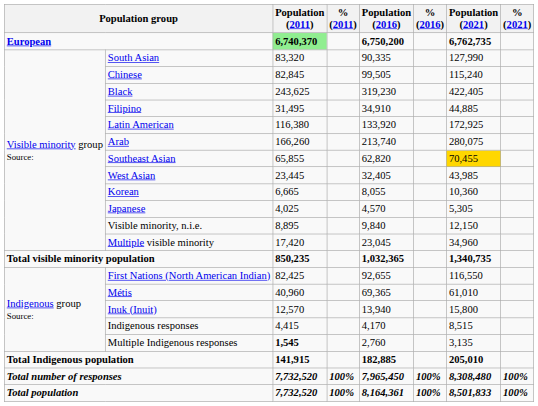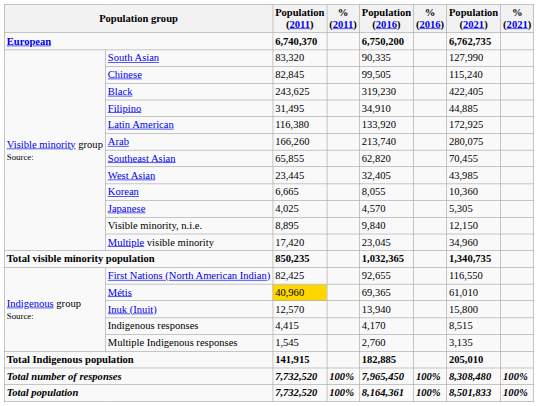 <table class="wikitable">
 <tr>
 <th colspan="2">Population group</th>
 <th>Population<br>(<a href='#'>2011</a>)</th>
 <th>%<br>(<a href='#'>2011</a>)</th>
 <th>Population<br>(<a href='#'>2016</a>)</th>
 <th>%<br>(<a href='#'>2016</a>)</th>
 <th>Population<br>(<a href='#'>2021</a>)</th>
 <th>%<br>(<a href='#'>2021</a>)</th>
 </tr>
 <tr>
 <td colspan="2"><strong><a href='#'>European</a></strong></td>
-<td style="background: lightgreen;"><strong>6,740,370</strong></td>
+<td><strong>6,740,370</strong></td>
 <td><strong></strong></td>
 <td><strong>6,750,200</strong></td>
 <td><strong> </strong></td>
 <td><strong>6,762,735</strong></td>
 <td><strong> </strong></td>
 </tr>
 <tr>
 <td rowspan="12"><a href='#'>Visible minority</a> group<br><small>Source:</small></td>
 <td><a href='#'>South Asian</a></td>
 <td>83,320</td>
 <td></td>
 <td>90,335</td>
 <td></td>
 <td>127,990</td>
 <td></td>
 </tr>
 <tr>
 <td><a href='#'>Chinese</a></td>
 <td>82,845</td>
 <td></td>
 <td>99,505</td>
 <td></td>
 <td>115,240</td>
 <td></td>
 </tr>
 <tr>
 <td><a href='#'>Black</a></td>
 <td>243,625</td>
 <td></td>
 <td>319,230</td>
 <td></td>
 <td>422,405</td>
 <td></td>
 </tr>
 <tr>
 <td><a href='#'>Filipino</a></td>
 <td>31,495</td>
 <td></td>
 <td>34,910</td>
 <td></td>
 <td>44,885</td>
 <td></td>
 </tr>
 <tr>
 <td><a href='#'>Latin American</a></td>
 <td>116,380</td>
 <td></td>
 <td>133,920</td>
 <td></td>
 <td>172,925</td>
 <td></td>
 </tr>
 <tr>
 <td><a href='#'>Arab</a></td>
 <td>166,260</td>
 <td></td>
 <td>213,740</td>
 <td></td>
 <td>280,075</td>
 <td></td>
 </tr>
 <tr>
 <td><a href='#'>Southeast Asian</a></td>
 <td>65,855</td>
 <td></td>
 <td>62,820</td>
 <td></td>
-<td style="background: gold;">70,455</td>
+<td>70,455</td>
 <td></td>
 </tr>
 <tr>
 <td><a href='#'>West Asian</a></td>
 <td>23,445</td>
 <td></td>
 <td>32,405</td>
 <td></td>
 <td>43,985</td>
 <td></td>
 </tr>
 <tr>
 <td><a href='#'>Korean</a></td>
 <td>6,665</td>
 <td></td>
 <td>8,055</td>
 <td></td>
 <td>10,360</td>
 <td></td>
 </tr>
 <tr>
 <td><a href='#'>Japanese</a></td>
 <td>4,025</td>
 <td></td>
 <td>4,570</td>
 <td></td>
 <td>5,305</td>
 <td></td>
 </tr>
 <tr>
 <td>Visible minority, n.i.e.</td>
 <td>8,895</td>
 <td></td>
 <td>9,840</td>
 <td></td>
 <td>12,150</td>
 <td></td>
 </tr>
 <tr>
 <td><a href='#'>Multiple</a> visible minority</td>
 <td>17,420</td>
 <td></td>
 <td>23,045</td>
 <td></td>
 <td>34,960</td>
 <td></td>
 </tr>
 <tr>
 <td colspan="2"><strong>Total visible minority population</strong></td>
 <td><strong>850,235</strong></td>
 <td><strong></strong></td>
 <td><strong>1,032,365</strong></td>
 <td><strong></strong></td>
 <td><strong>1,340,735</strong></td>
 <td><strong></strong></td>
 </tr>
 <tr>
 <td rowspan="5"><a href='#'>Indigenous</a> group<br><small>Source:</small></td>
 <td><a href='#'>First Nations (North American Indian)</a></td>
 <td>82,425</td>
 <td></td>
 <td>92,655</td>
 <td></td>
 <td>116,550</td>
 <td></td>
 </tr>
 <tr>
 <td><a href='#'>Métis</a></td>
-<td>40,960</td>
+<td style="background: gold;">40,960</td>
 <td></td>
 <td>69,365</td>
 <td></td>
 <td>61,010</td>
 <td></td>
 </tr>
 <tr>
 <td><a href='#'>Inuk (Inuit)</a></td>
 <td>12,570</td>
 <td></td>
 <td>13,940</td>
 <td></td>
 <td>15,800</td>
 <td></td>
 </tr>
 <tr>
 <td>Indigenous responses </td>
 <td>4,415</td>
 <td></td>
 <td>4,170</td>
 <td></td>
 <td>8,515</td>
 <td></td>
 </tr>
 <tr>
 <td>Multiple Indigenous responses</td>
-<td><strong>1,545</strong></td>
+<td>1,545</td>
 <td></td>
 <td>2,760</td>
 <td></td>
 <td>3,135</td>
 <td></td>
 </tr>
 <tr>
 <td colspan="2"><strong>Total Indigenous population</strong></td>
 <td><strong>141,915</strong></td>
 <td><strong></strong></td>
 <td><strong>182,885</strong></td>
 <td><strong></strong></td>
 <td><strong>205,010</strong></td>
 <td><strong></strong></td>
 </tr>
 <tr>
 <td colspan="2"><strong><em>Total number of responses</em></strong></td>
 <td><strong><em>7,732,520</em></strong></td>
 <td><strong><em>100%</em></strong></td>
 <td><strong><em>7,965,450 </em></strong></td>
 <td><strong><em>100%</em></strong></td>
 <td><strong><em>8,308,480</em></strong></td>
 <td><strong><em>100%</em></strong></td>
 </tr>
 <tr>
 <td colspan="2"><strong><em>Total population</em></strong></td>
 <td><strong><em>7,732,520</em></strong></td>
 <td><strong><em>100%</em></strong></td>
 <td><strong><em>8,164,361</em></strong></td>
 <td><strong><em>100%</em></strong></td>
 <td><strong><em>8,501,833</em></strong></td>
 <td><strong><em>100%</em></strong></td>
 </tr>
 </table>
